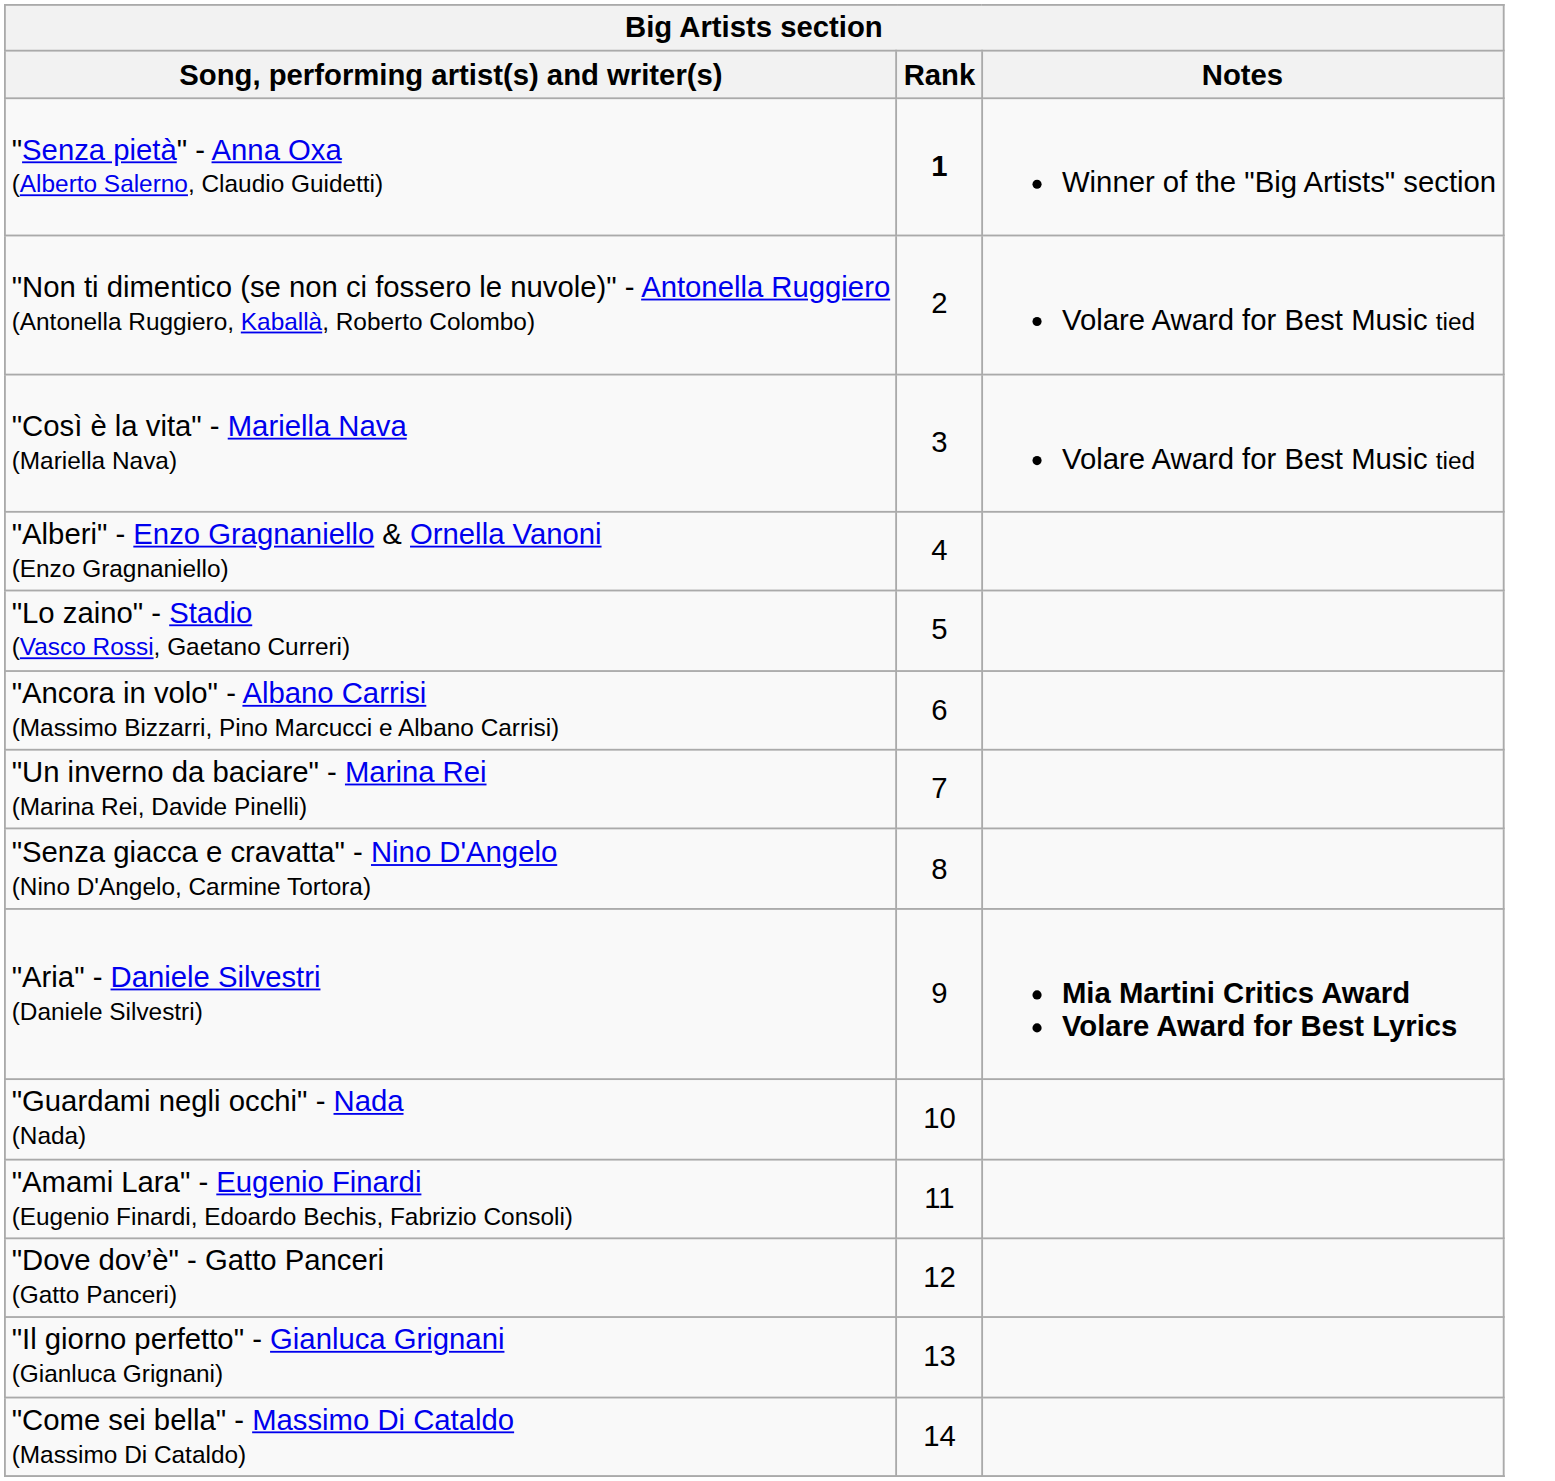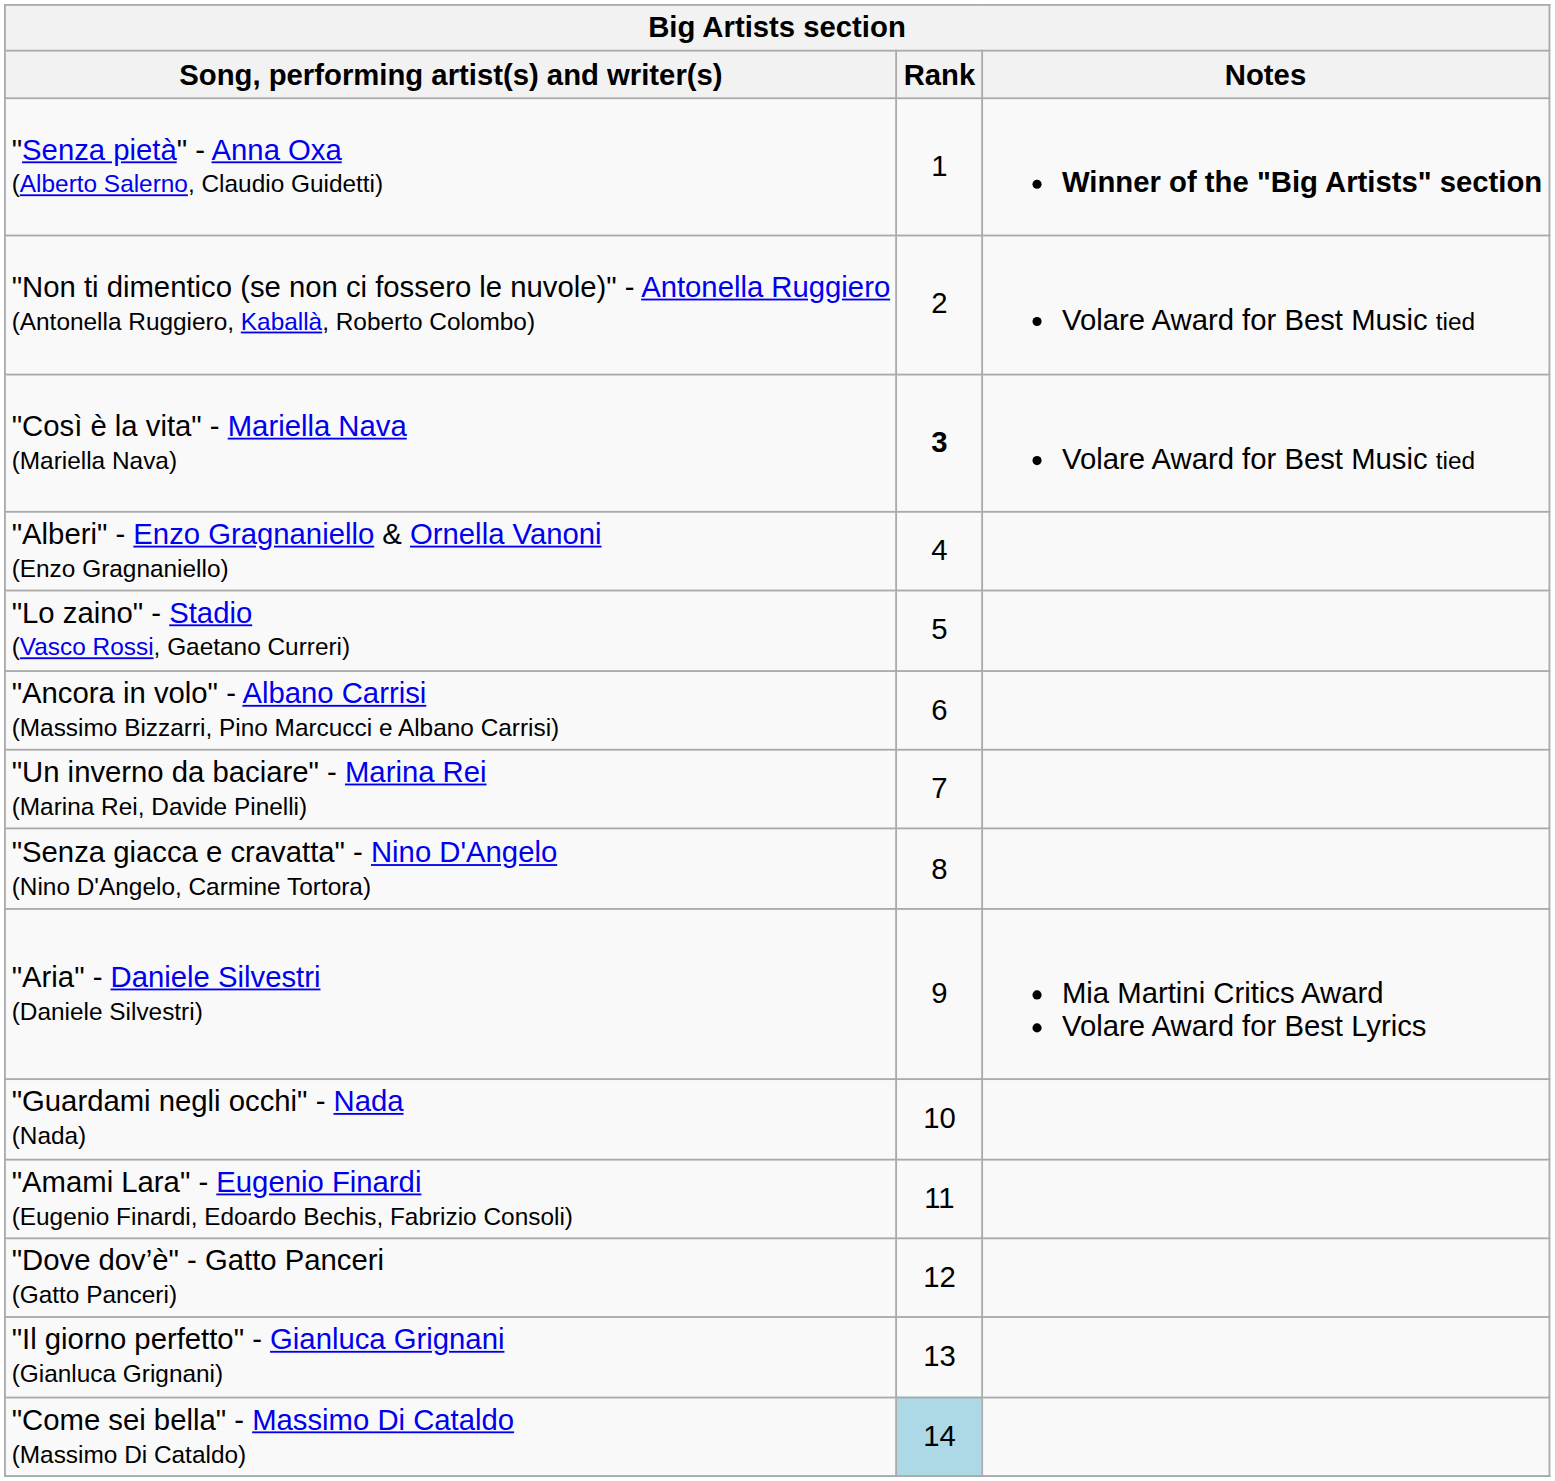 <table class="plainrowheaders wikitable">
 <tr>
 <th colspan="3">Big Artists section</th>
 </tr>
 <tr>
 <th>Song, performing artist(s) and writer(s)</th>
 <th>Rank</th>
 <th>Notes</th>
 </tr>
 <tr>
 <td>"<a href='#'>Senza pietà</a>" - <a href='#'>Anna Oxa</a> <br><small> 	(<a href='#'>Alberto Salerno</a>, Claudio Guidetti) </small></td>
-<td align="center"><strong>1</strong></td>
-<td><br><ul><li>Winner of the "Big Artists" section</li></ul></td>
+<td align="center">1</td>
+<td><strong><br><ul><li>Winner of the "Big Artists" section</li></ul></strong></td>
 </tr>
 <tr>
 <td>"Non ti dimentico (se non ci fossero le nuvole)" -  <a href='#'>Antonella Ruggiero</a><br><small>(Antonella Ruggiero, <a href='#'>Kaballà</a>, Roberto Colombo)</small></td>
 <td align="center">2</td>
 <td><br><ul><li>Volare Award for Best Music <small>tied</small></li></ul></td>
 </tr>
 <tr>
 <td>"Così è la vita" -   	<a href='#'>Mariella Nava</a><br><small>(Mariella Nava)</small></td>
-<td align="center">3</td>
+<td align="center"><strong>3</strong></td>
 <td><br><ul><li>Volare Award for Best Music <small>tied</small></li></ul></td>
 </tr>
 <tr>
 <td>"Alberi" -  <a href='#'>Enzo Gragnaniello</a> & <a href='#'>Ornella Vanoni</a><br> <small>(Enzo Gragnaniello)</small></td>
 <td align="center">4</td>
 <td></td>
 </tr>
 <tr>
 <td>"Lo zaino" - <a href='#'>Stadio</a> <br> <small> 	(<a href='#'>Vasco Rossi</a>,  Gaetano Curreri)</small></td>
 <td align="center">5</td>
 <td></td>
 </tr>
 <tr>
 <td>"Ancora in volo" - <a href='#'>Albano Carrisi</a><br><small>(Massimo Bizzarri, Pino Marcucci e Albano Carrisi)</small></td>
 <td align="center">6</td>
 <td></td>
 </tr>
 <tr>
 <td>"Un inverno da baciare" -  <a href='#'>Marina Rei</a><br> <small>(Marina Rei,  Davide Pinelli)</small></td>
 <td align="center">7</td>
 <td></td>
 </tr>
 <tr>
 <td>"Senza giacca e cravatta" - <a href='#'>Nino D'Angelo</a><br><small>(Nino D'Angelo,  Carmine Tortora)</small></td>
 <td align="center">8</td>
 <td></td>
 </tr>
 <tr>
 <td>"Aria" - <a href='#'>Daniele Silvestri</a><br><small>(Daniele Silvestri)</small></td>
 <td align="center">9</td>
-<td><strong><br><ul><li>Mia Martini Critics Award</li><li>Volare Award for Best Lyrics</li></ul></strong></td>
+<td><br><ul><li>Mia Martini Critics Award</li><li>Volare Award for Best Lyrics</li></ul></td>
 </tr>
 <tr>
 <td>"Guardami negli occhi" - <a href='#'>Nada</a><br><small>(Nada)</small></td>
 <td align="center">10</td>
 <td></td>
 </tr>
 <tr>
 <td>"Amami Lara" -  <a href='#'>Eugenio Finardi</a><br> <small>(Eugenio Finardi, Edoardo Bechis, Fabrizio Consoli)</small></td>
 <td align="center">11</td>
 <td></td>
 </tr>
 <tr>
 <td>"Dove dov’è" -  	Gatto Panceri<br> <small>(Gatto Panceri)</small></td>
 <td align="center">12</td>
 <td></td>
 </tr>
 <tr>
 <td>"Il giorno perfetto" - <a href='#'>Gianluca Grignani</a><br><small>(Gianluca Grignani)</small></td>
 <td align="center">13</td>
 <td></td>
 </tr>
 <tr>
 <td>"Come sei bella" - <a href='#'>Massimo Di Cataldo</a><br><small>(Massimo Di Cataldo)</small></td>
-<td align="center">14</td>
+<td align="center" style="background: lightblue;">14</td>
 <td></td>
 </tr>
 <tr>
 </tr>
 </table>
